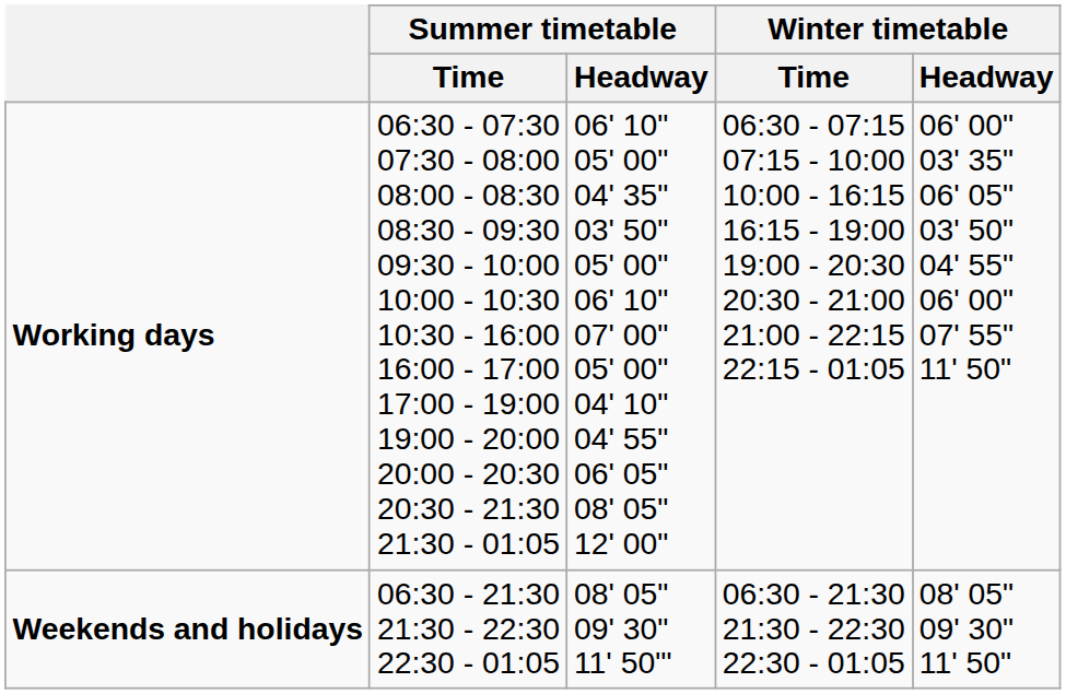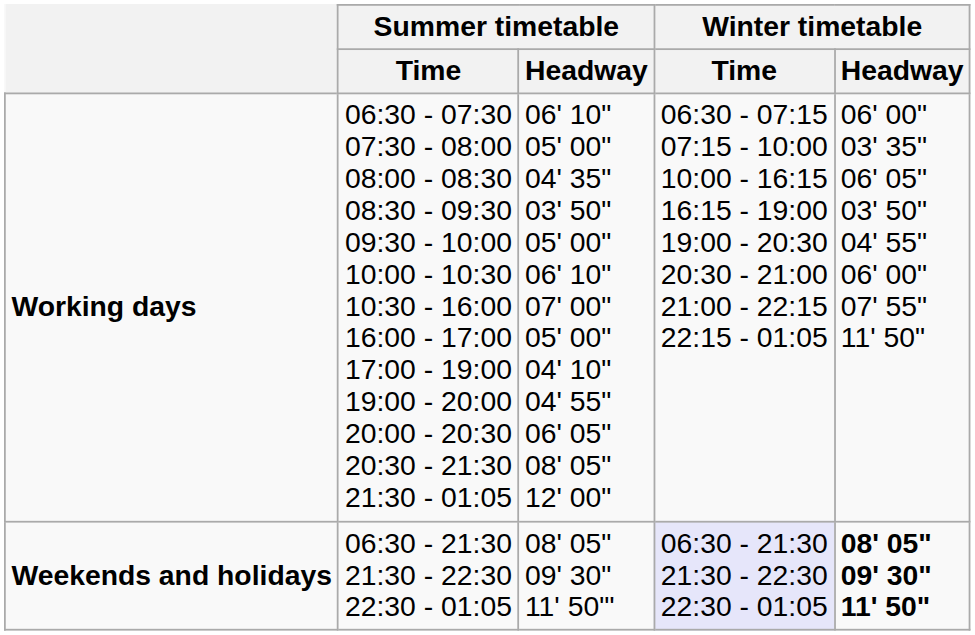 <table class="wikitable" style="border: none;">
 <tr>
 <th colspan="1" rowspan="3" style="border: none;"></th>
 </tr>
 <tr>
 <th colspan="2">Summer timetable</th>
 <th colspan="2">Winter timetable</th>
 </tr>
 <tr>
 <th>Time</th>
 <th>Headway</th>
 <th>Time</th>
 <th>Headway</th>
 </tr>
 <tr>
 <td><strong>Working days</strong></td>
 <td style="vertical-align: top;">06:30 - 07:30<br>07:30 - 08:00<br>08:00 - 08:30<br>08:30 - 09:30<br>09:30 - 10:00<br>10:00 - 10:30<br>10:30 - 16:00<br>16:00 - 17:00<br>17:00 - 19:00<br>19:00 - 20:00<br>20:00 - 20:30<br>20:30 - 21:30<br>21:30 - 01:05</td>
 <td style="vertical-align: top;">06' 10"<br>05' 00"<br>04' 35"<br>03' 50"<br>05' 00"<br>06' 10"<br>07' 00"<br>05' 00"<br>04' 10"<br>04' 55"<br>06' 05"<br>08' 05"<br>12' 00"</td>
 <td style="vertical-align: top;">06:30 - 07:15<br>07:15 - 10:00<br>10:00 - 16:15<br>16:15 - 19:00<br>19:00 - 20:30<br>20:30 - 21:00<br>21:00 - 22:15<br>22:15 - 01:05</td>
 <td style="vertical-align: top;">06' 00"<br>03' 35"<br>06' 05"<br>03' 50"<br>04' 55"<br>06' 00"<br>07' 55"<br>11' 50"</td>
 </tr>
 <tr>
 <td><strong>Weekends and holidays</strong></td>
 <td>06:30 - 21:30<br>21:30 - 22:30<br>22:30 - 01:05</td>
 <td>08' 05"<br>09' 30"<br>11' 50"'</td>
-<td>06:30 - 21:30<br>21:30 - 22:30<br>22:30 - 01:05</td>
-<td>08' 05"<br>09' 30"<br>11' 50"</td>
+<td style="background: lavender;">06:30 - 21:30<br>21:30 - 22:30<br>22:30 - 01:05</td>
+<td><strong>08' 05"<br>09' 30"<br>11' 50"</strong></td>
 </tr>
 <tr>
 </tr>
 </table>
